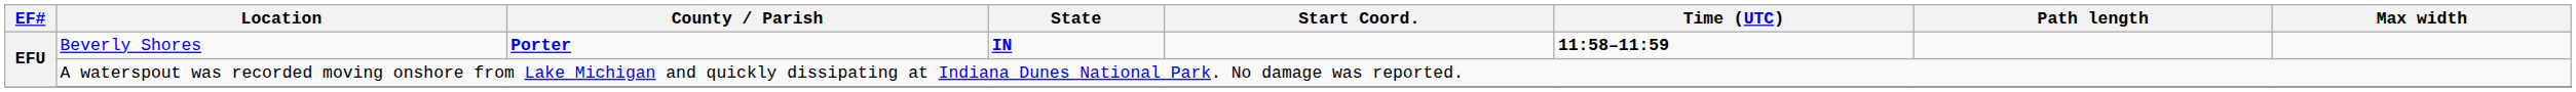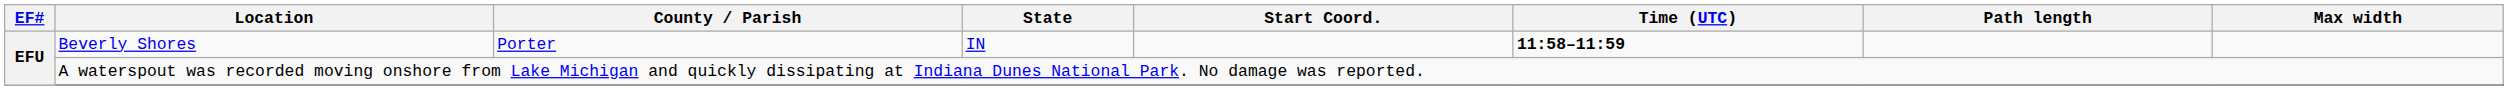 <table class="wikitable sortable" style="width:100%;">
 <tr>
 <th scope="col" width="2%" align="center"><a href='#'>EF#</a></th>
 <th scope="col" align="center" class="unsortable">Location</th>
 <th scope="col" align="center" class="unsortable">County / Parish</th>
 <th scope="col" align="center">State</th>
 <th scope="col" align="center">Start Coord.</th>
 <th scope="col" align="center">Time (<a href='#'>UTC</a>)</th>
 <th scope="col" align="center">Path length</th>
 <th scope="col" align="center">Max width</th>
 </tr>
 <tr>
 <th scope="row" rowspan="2" style="background-color:#">EFU</th>
 <td><a href='#'>Beverly Shores</a></td>
-<td><strong><a href='#'>Porter</a></strong></td>
-<td><strong><a href='#'>IN</a></strong></td>
+<td><a href='#'>Porter</a></td>
+<td><a href='#'>IN</a></td>
 <td></td>
 <td><strong>11:58–11:59</strong></td>
 <td></td>
 <td></td>
 </tr>
 <tr class="expand-child">
 <td colspan="8" style=" border-bottom: 1px solid black;">A waterspout was recorded moving onshore from <a href='#'>Lake Michigan</a> and quickly dissipating at <a href='#'>Indiana Dunes National Park</a>. No damage was reported.</td>
 </tr>
 <tr>
 </tr>
 </table>
